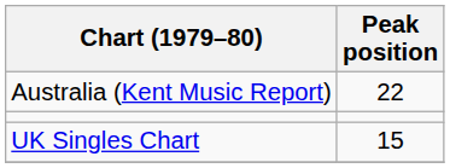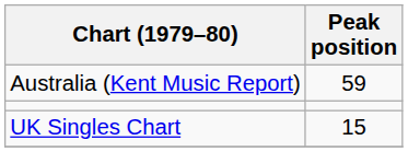 <table class="wikitable sortable">
 <tr>
 <th>Chart (1979–80)</th>
 <th>Peak<br>position</th>
 </tr>
 <tr>
 <td>Australia (<a href='#'>Kent Music Report</a>)</td>
-<td style="text-align:center;">22</td>
+<td style="text-align:center;">59</td>
 </tr>
 <tr>
 <td></td>
 </tr>
 <tr>
 <td><a href='#'>UK Singles Chart</a></td>
 <td style="text-align:center;">15</td>
 </tr>
 <tr>
 </tr>
 </table>
